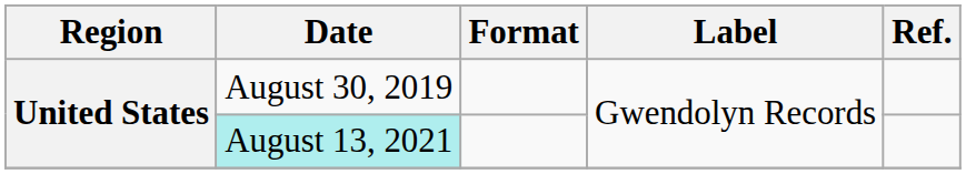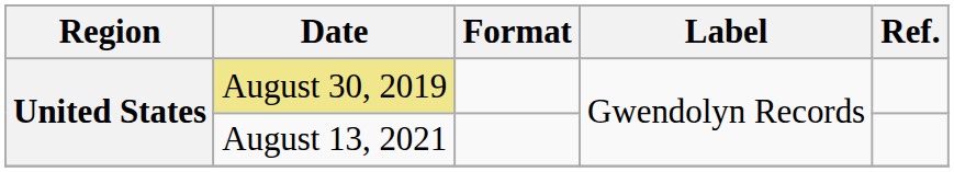 <table class="wikitable plainrowheaders">
 <tr>
 <th scope="col">Region</th>
 <th scope="col">Date</th>
 <th scope="col">Format</th>
 <th scope="col">Label</th>
 <th scope="col">Ref.</th>
 </tr>
 <tr>
 <th scope="row" rowspan="2">United States</th>
-<td>August 30, 2019</td>
+<td style="background: khaki;">August 30, 2019</td>
 <td></td>
 <td rowspan="2">Gwendolyn Records</td>
 <td style="text-align:center;"></td>
 </tr>
 <tr>
-<td style="background: paleturquoise;">August 13, 2021</td>
+<td>August 13, 2021</td>
 <td></td>
 <td></td>
 </tr>
 <tr>
 </tr>
 </table>
